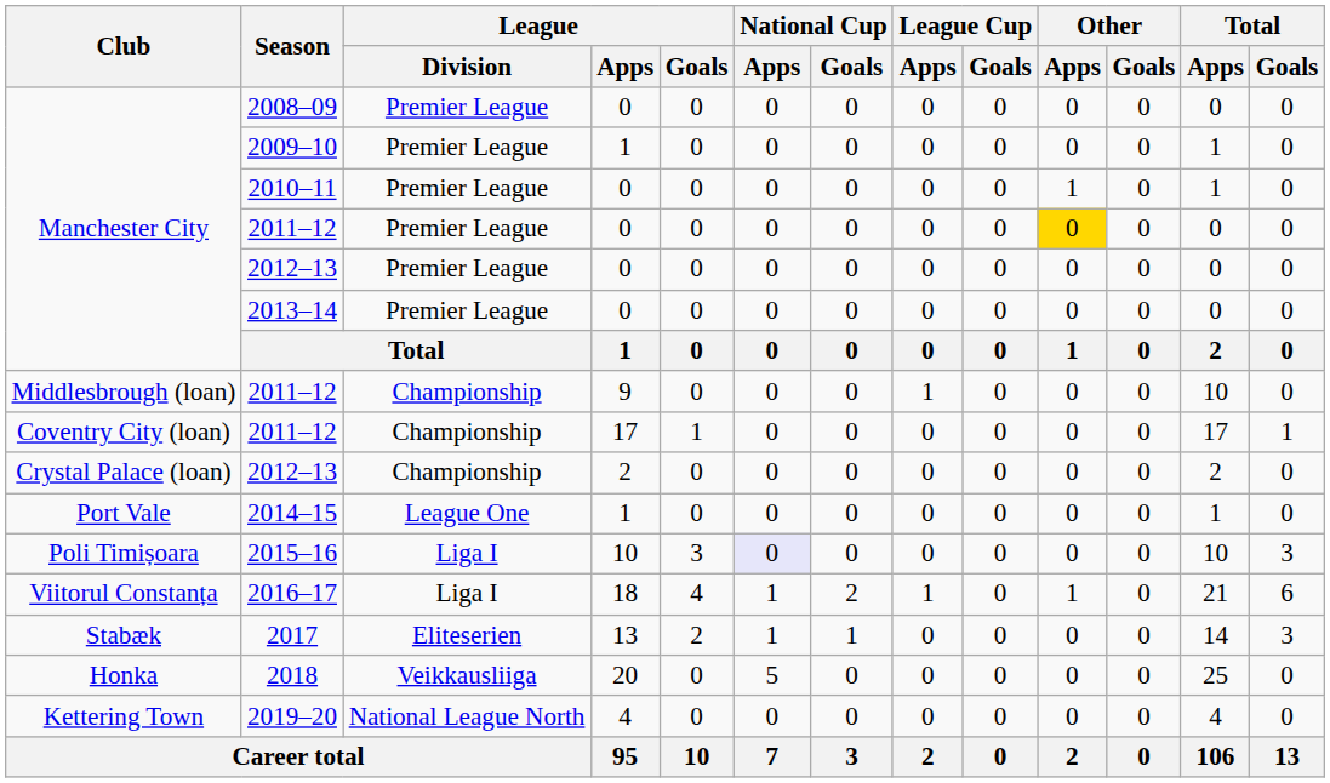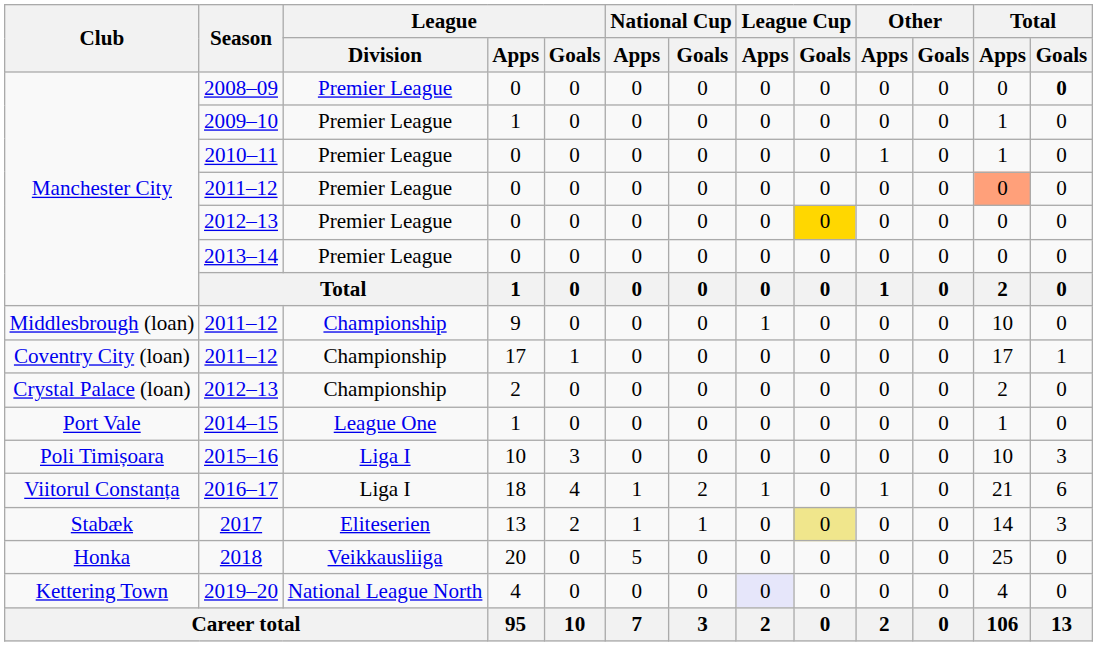 <table class="wikitable" style="text-align:center">
 <tr>
 <th rowspan="2">Club</th>
 <th rowspan="2">Season</th>
 <th colspan="3">League</th>
 <th colspan="2">National Cup</th>
 <th colspan="2">League Cup</th>
 <th colspan="2">Other</th>
 <th colspan="2">Total</th>
 </tr>
 <tr>
 <th>Division</th>
 <th>Apps</th>
 <th>Goals</th>
 <th>Apps</th>
 <th>Goals</th>
 <th>Apps</th>
 <th>Goals</th>
 <th>Apps</th>
 <th>Goals</th>
 <th>Apps</th>
 <th>Goals</th>
 </tr>
 <tr>
 <td rowspan="7"><a href='#'>Manchester City</a></td>
 <td><a href='#'>2008–09</a></td>
 <td><a href='#'>Premier League</a></td>
 <td>0</td>
 <td>0</td>
 <td>0</td>
 <td>0</td>
 <td>0</td>
 <td>0</td>
 <td>0</td>
 <td>0</td>
 <td>0</td>
-<td>0</td>
+<td><strong>0</strong></td>
 </tr>
 <tr>
 <td><a href='#'>2009–10</a></td>
 <td>Premier League</td>
 <td>1</td>
 <td>0</td>
 <td>0</td>
 <td>0</td>
 <td>0</td>
 <td>0</td>
 <td>0</td>
 <td>0</td>
 <td>1</td>
 <td>0</td>
 </tr>
 <tr>
 <td><a href='#'>2010–11</a></td>
 <td>Premier League</td>
 <td>0</td>
 <td>0</td>
 <td>0</td>
 <td>0</td>
 <td>0</td>
 <td>0</td>
 <td>1</td>
 <td>0</td>
 <td>1</td>
 <td>0</td>
 </tr>
 <tr>
 <td><a href='#'>2011–12</a></td>
 <td>Premier League</td>
 <td>0</td>
 <td>0</td>
 <td>0</td>
 <td>0</td>
 <td>0</td>
 <td>0</td>
-<td style="background: gold;">0</td>
 <td>0</td>
 <td>0</td>
+<td style="background: lightsalmon;">0</td>
 <td>0</td>
 </tr>
 <tr>
 <td><a href='#'>2012–13</a></td>
 <td>Premier League</td>
 <td>0</td>
 <td>0</td>
 <td>0</td>
 <td>0</td>
 <td>0</td>
-<td>0</td>
+<td style="background: gold;">0</td>
 <td>0</td>
 <td>0</td>
 <td>0</td>
 <td>0</td>
 </tr>
 <tr>
 <td><a href='#'>2013–14</a></td>
 <td>Premier League</td>
 <td>0</td>
 <td>0</td>
 <td>0</td>
 <td>0</td>
 <td>0</td>
 <td>0</td>
 <td>0</td>
 <td>0</td>
 <td>0</td>
 <td>0</td>
 </tr>
 <tr>
 <th colspan="2">Total</th>
 <th>1</th>
 <th>0</th>
 <th>0</th>
 <th>0</th>
 <th>0</th>
 <th>0</th>
 <th>1</th>
 <th>0</th>
 <th>2</th>
 <th>0</th>
 </tr>
 <tr>
 <td><a href='#'>Middlesbrough</a> (loan)</td>
 <td><a href='#'>2011–12</a></td>
 <td><a href='#'>Championship</a></td>
 <td>9</td>
 <td>0</td>
 <td>0</td>
 <td>0</td>
 <td>1</td>
 <td>0</td>
 <td>0</td>
 <td>0</td>
 <td>10</td>
 <td>0</td>
 </tr>
 <tr>
 <td><a href='#'>Coventry City</a> (loan)</td>
 <td><a href='#'>2011–12</a></td>
 <td>Championship</td>
 <td>17</td>
 <td>1</td>
 <td>0</td>
 <td>0</td>
 <td>0</td>
 <td>0</td>
 <td>0</td>
 <td>0</td>
 <td>17</td>
 <td>1</td>
 </tr>
 <tr>
 <td><a href='#'>Crystal Palace</a> (loan)</td>
 <td><a href='#'>2012–13</a></td>
 <td>Championship</td>
 <td>2</td>
 <td>0</td>
 <td>0</td>
 <td>0</td>
 <td>0</td>
 <td>0</td>
 <td>0</td>
 <td>0</td>
 <td>2</td>
 <td>0</td>
 </tr>
 <tr>
 <td><a href='#'>Port Vale</a></td>
 <td><a href='#'>2014–15</a></td>
 <td><a href='#'>League One</a></td>
 <td>1</td>
 <td>0</td>
 <td>0</td>
 <td>0</td>
 <td>0</td>
 <td>0</td>
 <td>0</td>
 <td>0</td>
 <td>1</td>
 <td>0</td>
 </tr>
 <tr>
 <td><a href='#'>Poli Timișoara</a></td>
 <td><a href='#'>2015–16</a></td>
 <td><a href='#'>Liga I</a></td>
 <td>10</td>
 <td>3</td>
-<td style="background: lavender;">0</td>
+<td>0</td>
 <td>0</td>
 <td>0</td>
 <td>0</td>
 <td>0</td>
 <td>0</td>
 <td>10</td>
 <td>3</td>
 </tr>
 <tr>
 <td><a href='#'>Viitorul Constanța</a></td>
 <td><a href='#'>2016–17</a></td>
 <td>Liga I</td>
 <td>18</td>
 <td>4</td>
 <td>1</td>
 <td>2</td>
 <td>1</td>
 <td>0</td>
 <td>1</td>
 <td>0</td>
 <td>21</td>
 <td>6</td>
 </tr>
 <tr>
 <td><a href='#'>Stabæk</a></td>
 <td><a href='#'>2017</a></td>
 <td><a href='#'>Eliteserien</a></td>
 <td>13</td>
 <td>2</td>
 <td>1</td>
 <td>1</td>
 <td>0</td>
-<td>0</td>
+<td style="background: khaki;">0</td>
 <td>0</td>
 <td>0</td>
 <td>14</td>
 <td>3</td>
 </tr>
 <tr>
 <td><a href='#'>Honka</a></td>
 <td><a href='#'>2018</a></td>
 <td><a href='#'>Veikkausliiga</a></td>
 <td>20</td>
 <td>0</td>
 <td>5</td>
 <td>0</td>
 <td>0</td>
 <td>0</td>
 <td>0</td>
 <td>0</td>
 <td>25</td>
 <td>0</td>
 </tr>
 <tr>
 <td><a href='#'>Kettering Town</a></td>
 <td><a href='#'>2019–20</a></td>
 <td><a href='#'>National League North</a></td>
 <td>4</td>
 <td>0</td>
 <td>0</td>
 <td>0</td>
-<td>0</td>
+<td style="background: lavender;">0</td>
 <td>0</td>
 <td>0</td>
 <td>0</td>
 <td>4</td>
 <td>0</td>
 </tr>
 <tr>
 <th colspan="3">Career total</th>
 <th>95</th>
 <th>10</th>
 <th>7</th>
 <th>3</th>
 <th>2</th>
 <th>0</th>
 <th>2</th>
 <th>0</th>
 <th>106</th>
 <th>13</th>
 </tr>
 </table>
